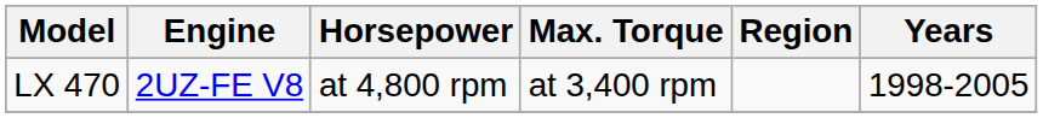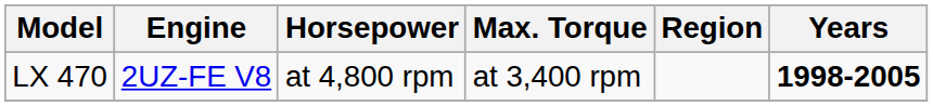 <table class="wikitable">
 <tr>
 <th>Model</th>
 <th>Engine</th>
 <th>Horsepower</th>
 <th>Max. Torque</th>
 <th>Region</th>
 <th>Years</th>
 </tr>
 <tr>
 <td>LX 470</td>
 <td><a href='#'>2UZ-FE V8</a> </td>
 <td> at 4,800 rpm</td>
 <td> at 3,400 rpm</td>
 <td></td>
-<td>1998-2005</td>
+<td><strong>1998-2005</strong></td>
 </tr>
 <tr>
 </tr>
 </table>
